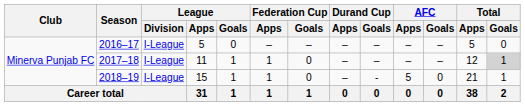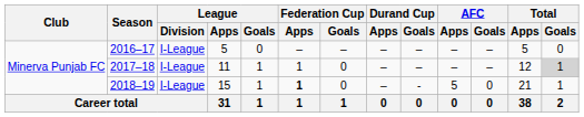 <table class="wikitable" style="text-align: center;">
 <tr>
 <th rowspan="2">Club</th>
 <th rowspan="2">Season</th>
 <th colspan="3">League</th>
 <th colspan="2">Federation Cup</th>
 <th colspan="2">Durand Cup</th>
 <th colspan="2"><a href='#'>AFC</a></th>
 <th colspan="2">Total</th>
 </tr>
 <tr>
 <th>Division</th>
 <th>Apps</th>
 <th>Goals</th>
 <th>Apps</th>
 <th>Goals</th>
 <th>Apps</th>
 <th>Goals</th>
 <th>Apps</th>
 <th>Goals</th>
 <th>Apps</th>
 <th>Goals</th>
 </tr>
 <tr>
 <td rowspan="3"><a href='#'>Minerva Punjab FC</a></td>
 <td><a href='#'>2016–17</a></td>
 <td><a href='#'>I-League</a></td>
 <td>5</td>
 <td>0</td>
 <td>–</td>
 <td>–</td>
 <td>–</td>
 <td>–</td>
 <td>–</td>
 <td>–</td>
 <td>5</td>
 <td>0</td>
 </tr>
 <tr>
 <td><a href='#'>2017–18</a></td>
 <td><a href='#'>I-League</a></td>
 <td>11</td>
 <td>1</td>
 <td>1</td>
 <td>0</td>
 <td>–</td>
 <td>–</td>
 <td>–</td>
 <td>–</td>
 <td>12</td>
 <td style="background: lightgrey;">1</td>
 </tr>
 <tr>
 <td><a href='#'>2018–19</a></td>
 <td><a href='#'>I-League</a></td>
 <td>15</td>
 <td>1</td>
-<td>1</td>
+<td><strong>1</strong></td>
 <td>0</td>
 <td>–</td>
 <td>-</td>
 <td>5</td>
 <td>0</td>
 <td>21</td>
 <td>1</td>
 </tr>
 <tr>
 <th colspan="3">Career total</th>
 <th>31</th>
 <th>1</th>
 <th>1</th>
 <th>1</th>
 <th>0</th>
 <th>0</th>
 <th>0</th>
 <th>0</th>
 <th>38</th>
 <th>2</th>
 </tr>
 </table>
